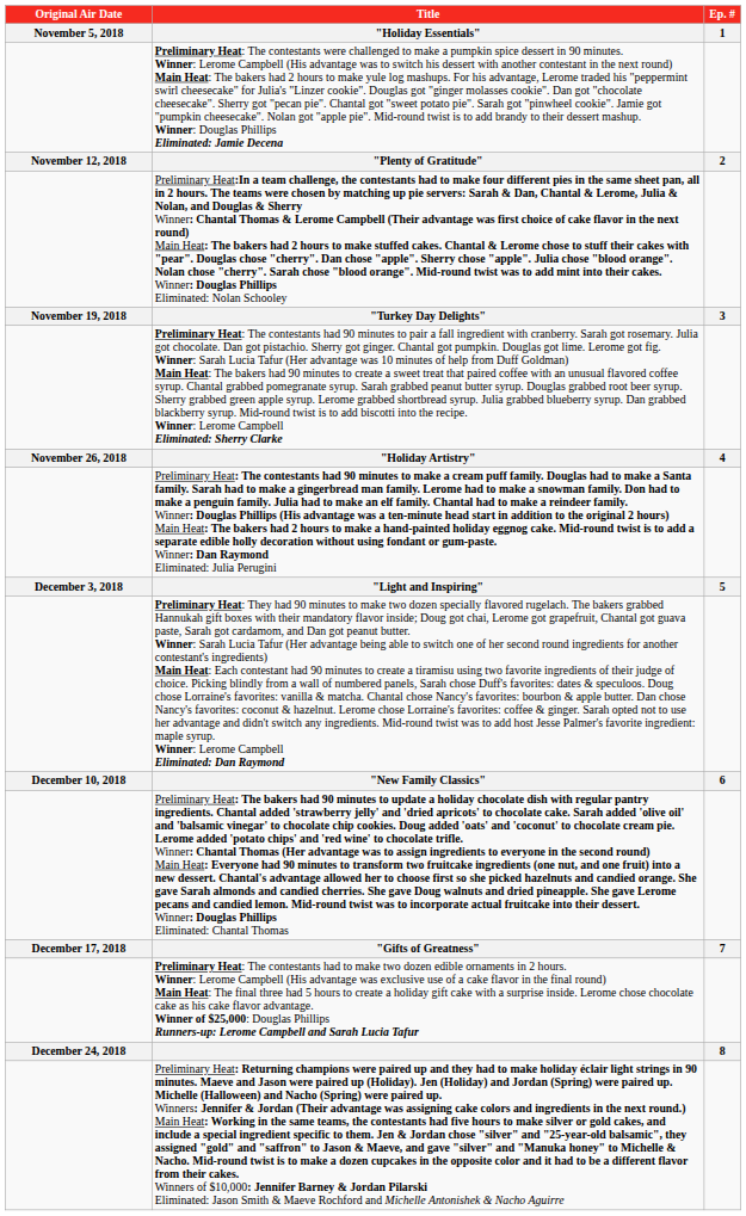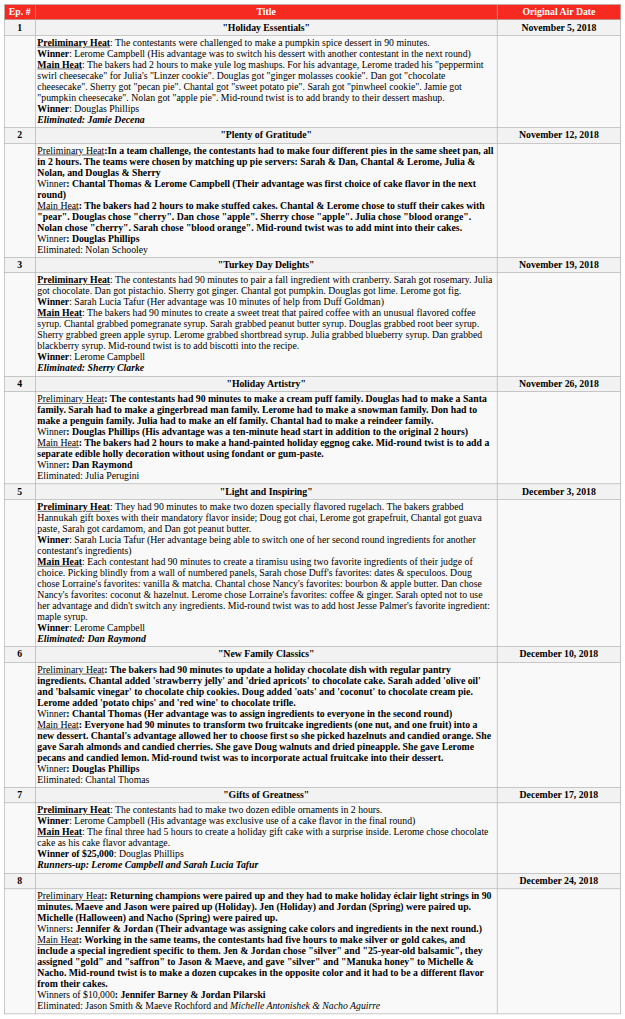 <table class="wikitable plainrowheaders" style="width:80%;">
 <tr>
+<th style="background-color: #f62a20; color: #FFFFFF;" width=5%>Ep. #</th>
+<th style="background-color: #f62a20; color: #FFFFFF;">Title</th>
 <th style="background-color: #f62a20; color: #FFFFFF;" width=20%>Original Air Date</th>
-<th style="background-color: #f62a20; color: #FFFFFF;">Title</th>
-<th style="background-color: #f62a20; color: #FFFFFF;" width=5%>Ep. #</th>
 </tr>
 <tr>
+<th align="center">1</th>
+<th>"Holiday Essentials"</th>
 <th>November 5, 2018</th>
-<th>"Holiday Essentials"</th>
-<th align="center">1</th>
 </tr>
 <tr>
 <td></td>
 <td><strong><u>Preliminary Heat</u></strong>: The contestants were challenged to make a pumpkin spice dessert in 90 minutes.<br><strong>Winner</strong>: Lerome Campbell (His advantage was to switch his dessert with another contestant in the next round)<br><strong><u>Main Heat</u></strong>: The bakers had 2 hours to make yule log mashups. For his advantage, Lerome traded his "peppermint swirl cheesecake" for Julia's "Linzer cookie". Douglas got "ginger molasses cookie". Dan got "chocolate cheesecake". Sherry got "pecan pie". Chantal got "sweet potato pie". Sarah got "pinwheel cookie". Jamie got "pumpkin cheesecake". Nolan got "apple pie". Mid-round twist is to add brandy to their dessert mashup.<br><strong>Winner</strong>: Douglas Phillips<br><strong><em>Eliminated<strong>: Jamie Decena<em></td>
 <td></td>
 </tr>
 <tr>
+<th align="center">2</th>
+<th>"Plenty of Gratitude"</th>
 <th>November 12, 2018</th>
-<th>"Plenty of Gratitude"</th>
-<th align="center">2</th>
 </tr>
 <tr>
 <td></td>
 <td></strong><u>Preliminary Heat</u><strong>:In a team challenge, the contestants had to make four different pies in the same sheet pan, all in 2 hours. The teams were chosen by matching up pie servers: Sarah & Dan, Chantal & Lerome, Julia & Nolan, and Douglas & Sherry<br></strong>Winner<strong>: Chantal Thomas & Lerome Campbell (Their advantage was first choice of cake flavor in the next round)<br></strong><u>Main Heat</u><strong>: The bakers had 2 hours to make stuffed cakes. Chantal & Lerome chose to stuff their cakes with "pear". Douglas chose "cherry". Dan chose "apple". Sherry chose "apple". Julia chose "blood orange". Nolan chose "cherry". Sarah chose "blood orange". Mid-round twist was to add mint into their cakes.<br></strong>Winner<strong>: Douglas Phillips<br></em></strong>Eliminated</strong>: Nolan Schooley</em></td>
 <td></td>
 </tr>
 <tr>
+<th align="center">3</th>
+<th>"Turkey Day Delights"</th>
 <th>November 19, 2018</th>
-<th>"Turkey Day Delights"</th>
-<th align="center">3</th>
 </tr>
 <tr>
 <td></td>
 <td><strong><u>Preliminary Heat</u></strong>: The contestants had 90 minutes to pair a fall ingredient with cranberry. Sarah got rosemary. Julia got chocolate. Dan got pistachio. Sherry got ginger. Chantal got pumpkin. Douglas got lime. Lerome got fig.<br><strong>Winner</strong>: Sarah Lucia Tafur (Her advantage was 10 minutes of help from Duff Goldman)<br><strong><u>Main Heat</u></strong>: The bakers had 90 minutes to create a sweet treat that paired coffee with an unusual flavored coffee syrup. Chantal grabbed pomegranate syrup. Sarah grabbed peanut butter syrup. Douglas grabbed root beer syrup. Sherry grabbed green apple syrup. Lerome grabbed shortbread syrup. Julia grabbed blueberry syrup. Dan grabbed blackberry syrup. Mid-round twist is to add biscotti into the recipe.<br><strong>Winner</strong>: Lerome Campbell<br><strong><em>Eliminated<strong>: Sherry Clarke<em></td>
 <td></td>
 </tr>
 <tr>
+<th align="center">4</th>
+<th>"Holiday Artistry"</th>
 <th>November 26, 2018</th>
-<th>"Holiday Artistry"</th>
-<th align="center">4</th>
 </tr>
 <tr>
 <td></td>
 <td></strong><u>Preliminary Heat</u><strong>: The contestants had 90 minutes to make a cream puff family. Douglas had to make a Santa family. Sarah had to make a gingerbread man family. Lerome had to make a snowman family. Don had to make a penguin family. Julia had to make an elf family. Chantal had to make a reindeer family.<br></strong>Winner<strong>: Douglas Phillips (His advantage was a ten-minute head start in addition to the original 2 hours)<br></strong><u>Main Heat</u><strong>: The bakers had 2 hours to make a hand-painted holiday eggnog cake. Mid-round twist is to add a separate edible holly decoration without using fondant or gum-paste.<br></strong>Winner<strong>: Dan Raymond<br></em></strong>Eliminated</strong>: Julia Perugini</em></td>
 <td></td>
 </tr>
 <tr>
+<th>5</th>
+<th>"Light and Inspiring"</th>
 <th>December 3, 2018</th>
-<th>"Light and Inspiring"</th>
-<th>5</th>
 </tr>
 <tr>
 <td></td>
 <td><strong><u>Preliminary Heat</u></strong>: They had 90 minutes to make two dozen specially flavored rugelach. The bakers grabbed Hannukah gift boxes with their mandatory flavor inside; Doug got chai, Lerome got grapefruit, Chantal got guava paste, Sarah got cardamom, and Dan got peanut butter.<br><strong>Winner</strong>: Sarah Lucia Tafur (Her advantage being able to switch one of her second round ingredients for another contestant's ingredients)<br><strong><u>Main Heat</u></strong>: Each contestant had 90 minutes to create a tiramisu using two favorite ingredients of their judge of choice. Picking blindly from a wall of numbered panels, Sarah chose Duff's favorites: dates & speculoos. Doug chose Lorraine's favorites: vanilla & matcha. Chantal chose Nancy's favorites: bourbon & apple butter. Dan chose Nancy's favorites: coconut & hazelnut. Lerome chose Lorraine's favorites: coffee & ginger. Sarah opted not to use her advantage and didn't switch any ingredients. Mid-round twist was to add host Jesse Palmer's favorite ingredient: maple syrup.<br><strong>Winner</strong>: Lerome Campbell<br><strong><em>Eliminated<strong>: Dan Raymond<em></td>
 <td></td>
 </tr>
 <tr>
+<th>6</th>
+<th>"New Family Classics"</th>
 <th>December 10, 2018</th>
-<th>"New Family Classics"</th>
-<th>6</th>
 </tr>
 <tr>
 <td></td>
 <td></strong><u>Preliminary Heat</u><strong>: The bakers had 90 minutes to update a holiday chocolate dish with regular pantry ingredients. Chantal added 'strawberry jelly' and 'dried apricots' to chocolate cake. Sarah added 'olive oil' and 'balsamic vinegar' to chocolate chip cookies. Doug added 'oats' and 'coconut' to chocolate cream pie. Lerome added 'potato chips' and 'red wine' to chocolate trifle.<br></strong>Winner<strong>: Chantal Thomas (Her advantage was to assign ingredients to everyone in the second round)<br></strong><u>Main Heat</u><strong>: Everyone had 90 minutes to transform two fruitcake ingredients (one nut, and one fruit) into a new dessert. Chantal's advantage allowed her to choose first so she picked hazelnuts and candied orange. She gave Sarah almonds and candied cherries. She gave Doug walnuts and dried pineapple. She gave Lerome pecans and candied lemon. Mid-round twist was to incorporate actual fruitcake into their dessert.<br></strong>Winner<strong>: Douglas Phillips<br></em></strong>Eliminated</strong>: Chantal Thomas</em></td>
 <td></td>
 </tr>
 <tr>
+<th>7</th>
+<th>"Gifts of Greatness"</th>
 <th>December 17, 2018</th>
-<th>"Gifts of Greatness"</th>
-<th>7</th>
 </tr>
 <tr>
 <td></td>
 <td><strong><u>Preliminary Heat</u></strong>: The contestants had to make two dozen edible ornaments in 2 hours.<br><strong>Winner</strong>: Lerome Campbell (His advantage was exclusive use of a cake flavor in the final round)<br><strong><u>Main Heat</u></strong>: The final three had 5 hours to create a holiday gift cake with a surprise inside. Lerome chose chocolate cake as his cake flavor advantage.<br><strong>Winner of $25,000</strong>: Douglas Phillips<br><strong><em>Runners-up<strong>: Lerome Campbell<em> and </em>Sarah Lucia Tafur<em></td>
 <td></td>
 </tr>
 <tr>
+<th>8</th>
+<th></th>
 <th>December 24, 2018</th>
-<th></th>
-<th>8</th>
 </tr>
 <tr>
 <td></td>
 <td></strong><u>Preliminary Heat</u><strong>: Returning champions were paired up and they had to make holiday éclair light strings in 90 minutes. Maeve and Jason were paired up (Holiday). Jen (Holiday) and Jordan (Spring) were paired up. Michelle (Halloween) and Nacho (Spring) were paired up.<br></strong>Winners<strong>: Jennifer & Jordan (Their advantage was assigning cake colors and ingredients in the next round.)<br></strong><u>Main Heat</u><strong>: Working in the same teams, the contestants had five hours to make silver or gold  cakes, and include a special ingredient specific to them. Jen & Jordan chose "silver" and "25-year-old balsamic", they assigned "gold" and "saffron" to Jason & Maeve, and gave "silver" and "Manuka honey" to Michelle & Nacho. Mid-round twist is to make a dozen cupcakes in the opposite color and it had to be a different flavor from their cakes.<br></strong>Winners of $10,000<strong>: Jennifer Barney & Jordan Pilarski<br></em></strong>Eliminated</strong>: Jason Smith & Maeve Rochford</em> and <em>Michelle Antonishek & Nacho Aguirre</em></td>
 <td></td>
 </tr>
 </table>
